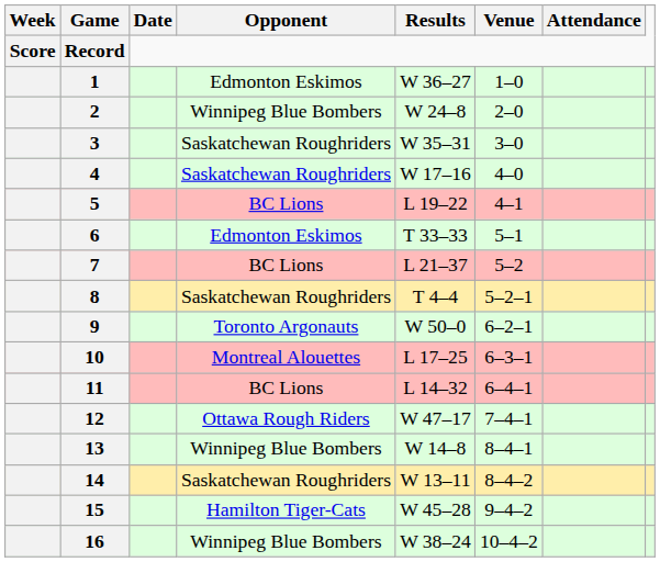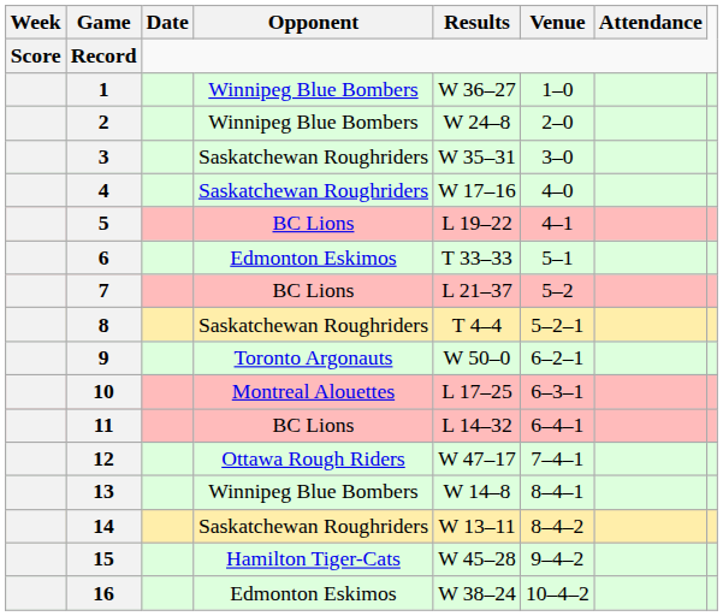 <table class="wikitable" style="text-align:center">
 <tr>
 <th>Week</th>
 <th>Game</th>
 <th>Date</th>
 <th>Opponent</th>
 <th>Results</th>
 <th>Venue</th>
 <th>Attendance</th>
 </tr>
 <tr>
 <th>Score</th>
 <th>Record</th>
 </tr>
 <tr style="background:#ddffdd">
 <th></th>
 <th>1</th>
 <td></td>
-<td>Edmonton Eskimos</td>
+<td><a href='#'>Winnipeg Blue Bombers</a></td>
 <td>W 36–27</td>
 <td>1–0</td>
 <td></td>
 <td></td>
 </tr>
 <tr style="background:#ddffdd">
 <th></th>
 <th>2</th>
 <td></td>
 <td>Winnipeg Blue Bombers</td>
 <td>W 24–8</td>
 <td>2–0</td>
 <td></td>
 <td></td>
 </tr>
 <tr style="background:#ddffdd">
 <th></th>
 <th>3</th>
 <td></td>
 <td>Saskatchewan Roughriders</td>
 <td>W 35–31</td>
 <td>3–0</td>
 <td></td>
 <td></td>
 </tr>
 <tr style="background:#ddffdd">
 <th></th>
 <th>4</th>
 <td></td>
 <td><a href='#'>Saskatchewan Roughriders</a></td>
 <td>W 17–16</td>
 <td>4–0</td>
 <td></td>
 <td></td>
 </tr>
 <tr style="background:#ffbbbb">
 <th></th>
 <th>5</th>
 <td></td>
 <td><a href='#'>BC Lions</a></td>
 <td>L 19–22</td>
 <td>4–1</td>
 <td></td>
 <td></td>
 </tr>
 <tr style="background:#ddffdd">
 <th></th>
 <th>6</th>
 <td></td>
 <td><a href='#'>Edmonton Eskimos</a></td>
 <td>T 33–33</td>
 <td>5–1</td>
 <td></td>
 <td></td>
 </tr>
 <tr style="background:#ffbbbb">
 <th></th>
 <th>7</th>
 <td></td>
 <td>BC Lions</td>
 <td>L 21–37</td>
 <td>5–2</td>
 <td></td>
 <td></td>
 </tr>
 <tr style="background:#ffeeaa">
 <th></th>
 <th>8</th>
 <td></td>
 <td>Saskatchewan Roughriders</td>
 <td>T 4–4</td>
 <td>5–2–1</td>
 <td></td>
 <td></td>
 </tr>
 <tr style="background:#ddffdd">
 <th></th>
 <th>9</th>
 <td></td>
 <td><a href='#'>Toronto Argonauts</a></td>
 <td>W 50–0</td>
 <td>6–2–1</td>
 <td></td>
 <td></td>
 </tr>
 <tr style="background:#ffbbbb">
 <th></th>
 <th>10</th>
 <td></td>
 <td><a href='#'>Montreal Alouettes</a></td>
 <td>L 17–25</td>
 <td>6–3–1</td>
 <td></td>
 <td></td>
 </tr>
 <tr style="background:#ffbbbb">
 <th></th>
 <th>11</th>
 <td></td>
 <td>BC Lions</td>
 <td>L 14–32</td>
 <td>6–4–1</td>
 <td></td>
 <td></td>
 </tr>
 <tr style="background:#ddffdd">
 <th></th>
 <th>12</th>
 <td></td>
 <td><a href='#'>Ottawa Rough Riders</a></td>
 <td>W 47–17</td>
 <td>7–4–1</td>
 <td></td>
 <td></td>
 </tr>
 <tr style="background:#ddffdd">
 <th></th>
 <th>13</th>
 <td></td>
 <td>Winnipeg Blue Bombers</td>
 <td>W 14–8</td>
 <td>8–4–1</td>
 <td></td>
 <td></td>
 </tr>
 <tr style="background:#ffeeaa">
 <th></th>
 <th>14</th>
 <td></td>
 <td>Saskatchewan Roughriders</td>
 <td>W 13–11</td>
 <td>8–4–2</td>
 <td></td>
 <td></td>
 </tr>
 <tr style="background:#ddffdd">
 <th></th>
 <th>15</th>
 <td></td>
 <td><a href='#'>Hamilton Tiger-Cats</a></td>
 <td>W 45–28</td>
 <td>9–4–2</td>
 <td></td>
 <td></td>
 </tr>
 <tr style="background:#ddffdd">
 <th></th>
 <th>16</th>
 <td></td>
-<td>Winnipeg Blue Bombers</td>
+<td>Edmonton Eskimos</td>
 <td>W 38–24</td>
 <td>10–4–2</td>
 <td></td>
 <td></td>
 </tr>
 </table>
